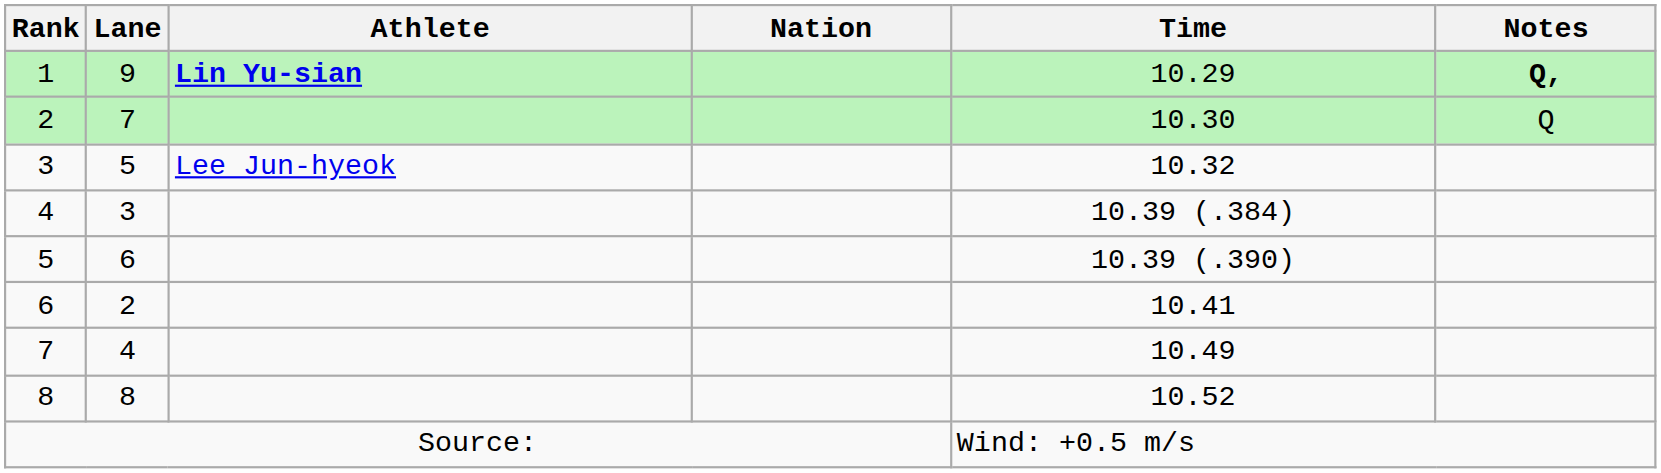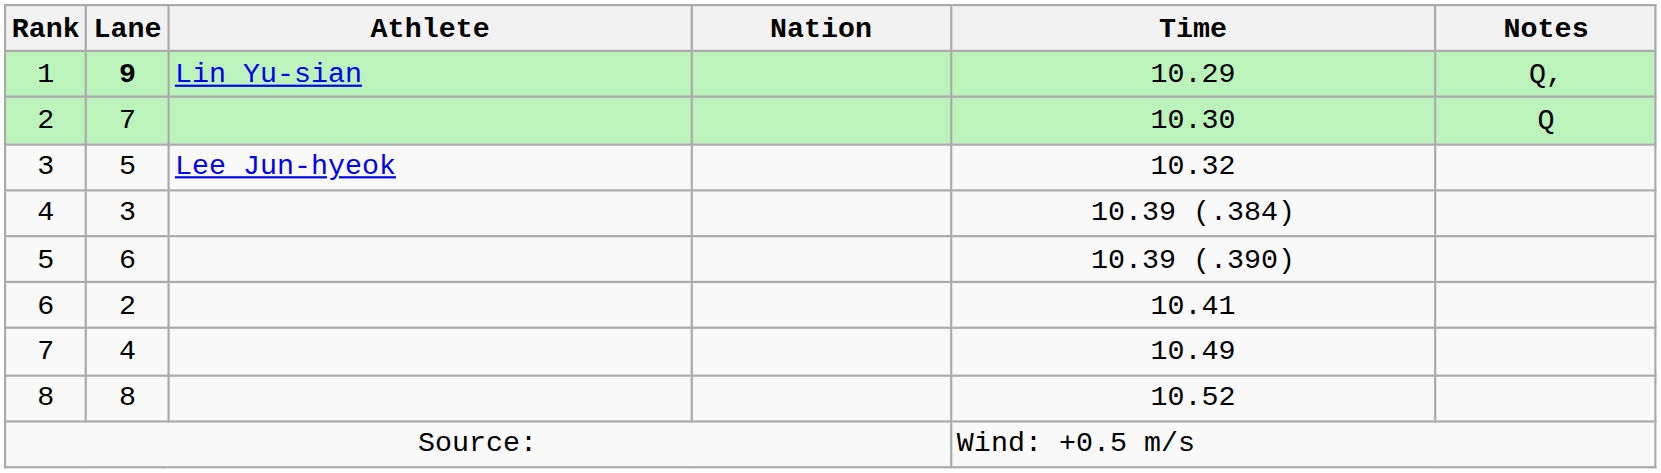 <table class="wikitable sortable" style="text-align:center;width: 60%;">
 <tr>
 <th scope="col" style="width: 10px;">Rank</th>
 <th scope="col" style="width: 10px;">Lane</th>
 <th scope="col">Athlete</th>
 <th scope="col">Nation</th>
 <th scope="col">Time</th>
 <th scope="col">Notes</th>
 </tr>
 <tr bgcolor=bbf3bb>
 <td>1</td>
-<td>9</td>
-<td align=left><strong><a href='#'>Lin Yu-sian</a></strong></td>
+<td><strong>9</strong></td>
+<td align=left><a href='#'>Lin Yu-sian</a></td>
 <td align=left></td>
 <td>10.29</td>
-<td><strong>Q, </strong></td>
+<td>Q, </td>
 </tr>
 <tr bgcolor=bbf3bb>
 <td>2</td>
 <td>7</td>
 <td align=left></td>
 <td align=left></td>
 <td>10.30</td>
 <td>Q</td>
 </tr>
 <tr>
 <td>3</td>
 <td>5</td>
 <td align=left><a href='#'>Lee Jun-hyeok</a></td>
 <td align=left></td>
 <td>10.32</td>
 <td></td>
 </tr>
 <tr>
 <td>4</td>
 <td>3</td>
 <td align=left></td>
 <td align=left></td>
 <td>10.39 (.384)</td>
 <td></td>
 </tr>
 <tr>
 <td>5</td>
 <td>6</td>
 <td align=left></td>
 <td align=left></td>
 <td>10.39 (.390)</td>
 <td></td>
 </tr>
 <tr>
 <td>6</td>
 <td>2</td>
 <td align=left></td>
 <td align=left></td>
 <td>10.41</td>
 <td></td>
 </tr>
 <tr>
 <td>7</td>
 <td>4</td>
 <td align=left></td>
 <td align=left></td>
 <td>10.49</td>
 <td></td>
 </tr>
 <tr>
 <td>8</td>
 <td>8</td>
 <td align=left></td>
 <td align=left></td>
 <td>10.52</td>
 <td></td>
 </tr>
 <tr class="sortbottom">
 <td colspan="4">Source:</td>
 <td colspan="2" style="text-align:left;">Wind: +0.5 m/s</td>
 </tr>
 </table>
